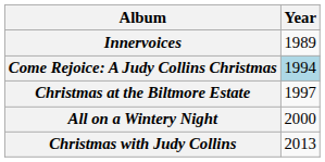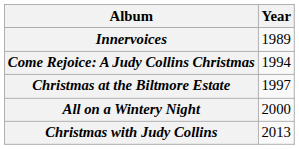 <table class="wikitable plainrowheaders" style="text-align:center;">
 <tr>
 <th>Album</th>
 <th>Year</th>
 </tr>
 <tr>
 <th scope="row"><em>Innervoices</em> </th>
 <td>1989</td>
 </tr>
 <tr>
 <th scope="row"><em>Come Rejoice: A Judy Collins Christmas</em></th>
-<td style="background: lightblue;">1994</td>
+<td>1994</td>
 </tr>
 <tr>
 <th scope="row"><em>Christmas at the Biltmore Estate</em></th>
 <td>1997</td>
 </tr>
 <tr>
 <th scope="row"><em>All on a Wintery Night</em></th>
 <td>2000</td>
 </tr>
 <tr>
 <th scope="row"><em>Christmas with Judy Collins</em></th>
 <td>2013</td>
 </tr>
 </table>
